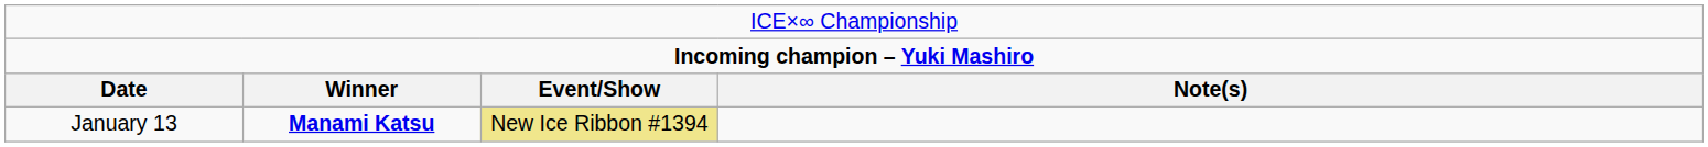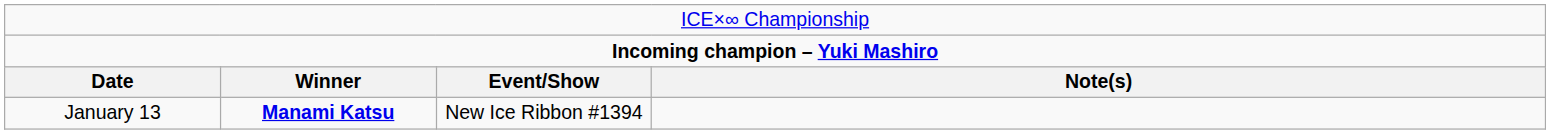 <table class="wikitable" style="text-align:center; width:100%;">
 <tr>
 <td colspan="4" style="text-align: center;"><a href='#'>ICE×∞ Championship</a></td>
 </tr>
 <tr>
 <td colspan="4" style="text-align: center;"><strong>Incoming champion – <a href='#'>Yuki Mashiro</a></strong></td>
 </tr>
 <tr>
 <th width=14%>Date</th>
 <th width=14%>Winner</th>
 <th width=14%>Event/Show</th>
 <th width=58%>Note(s)</th>
 </tr>
 <tr>
 <td>January 13</td>
 <td><strong><a href='#'>Manami Katsu</a></strong></td>
-<td style="background: khaki;">New Ice Ribbon #1394</td>
+<td>New Ice Ribbon #1394</td>
 <td></td>
 </tr>
 </table>
